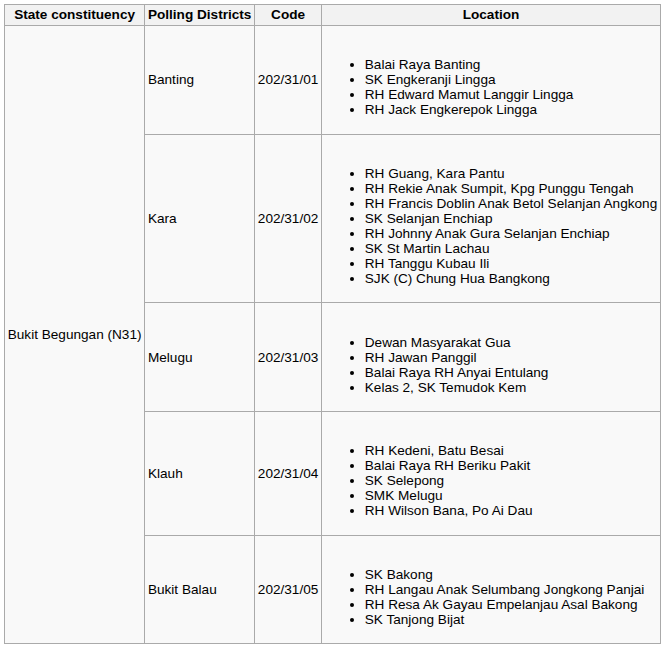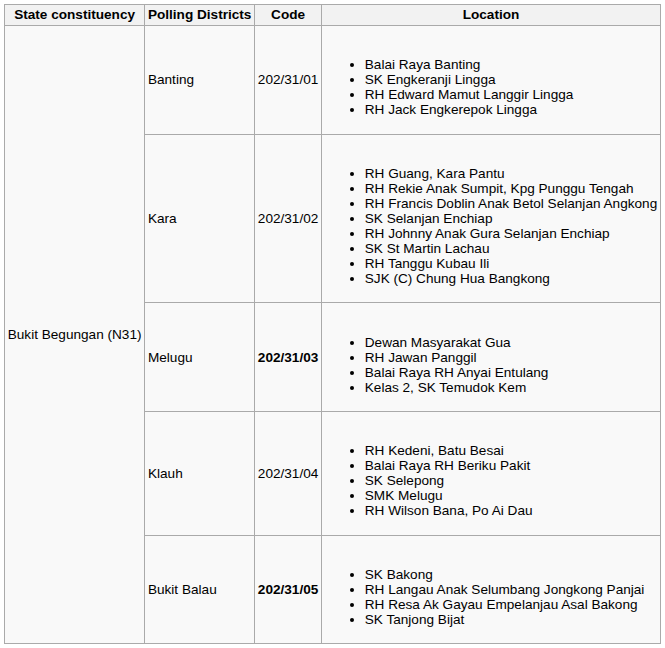 <table class="wikitable sortable mw-collapsible" style="white-space:nowrap;font-size:85%">
 <tr>
 <th>State constituency</th>
 <th>Polling Districts</th>
 <th>Code</th>
 <th>Location</th>
 </tr>
 <tr>
 <td rowspan="5">Bukit Begungan (N31)</td>
 <td>Banting</td>
 <td>202/31/01</td>
 <td><br><ul><li>Balai Raya Banting</li><li>SK Engkeranji Lingga</li><li>RH Edward Mamut Langgir Lingga</li><li>RH Jack Engkerepok Lingga</li></ul></td>
 </tr>
 <tr>
 <td>Kara</td>
 <td>202/31/02</td>
 <td><br><ul><li>RH Guang, Kara Pantu</li><li>RH Rekie Anak Sumpit, Kpg Punggu Tengah</li><li>RH Francis Doblin Anak Betol Selanjan Angkong</li><li>SK Selanjan Enchiap</li><li>RH Johnny Anak Gura Selanjan Enchiap</li><li>SK St Martin Lachau</li><li>RH Tanggu Kubau Ili</li><li>SJK (C) Chung Hua Bangkong</li></ul></td>
 </tr>
 <tr>
 <td>Melugu</td>
-<td>202/31/03</td>
+<td><strong>202/31/03</strong></td>
 <td><br><ul><li>Dewan Masyarakat Gua</li><li>RH Jawan Panggil</li><li>Balai Raya RH Anyai Entulang</li><li>Kelas 2, SK Temudok Kem</li></ul></td>
 </tr>
 <tr>
 <td>Klauh</td>
 <td>202/31/04</td>
 <td><br><ul><li>RH Kedeni, Batu Besai</li><li>Balai Raya RH Beriku Pakit</li><li>SK Selepong</li><li>SMK Melugu</li><li>RH Wilson Bana, Po Ai Dau</li></ul></td>
 </tr>
 <tr>
 <td>Bukit Balau</td>
-<td>202/31/05</td>
+<td><strong>202/31/05</strong></td>
 <td><br><ul><li>SK Bakong</li><li>RH Langau Anak Selumbang Jongkong Panjai</li><li>RH Resa Ak Gayau Empelanjau Asal Bakong</li><li>SK Tanjong Bijat</li></ul></td>
 </tr>
 </table>
